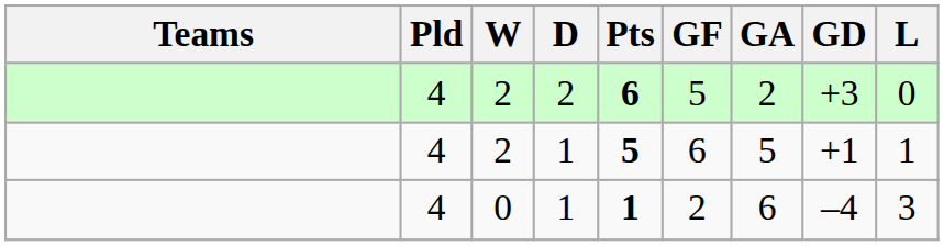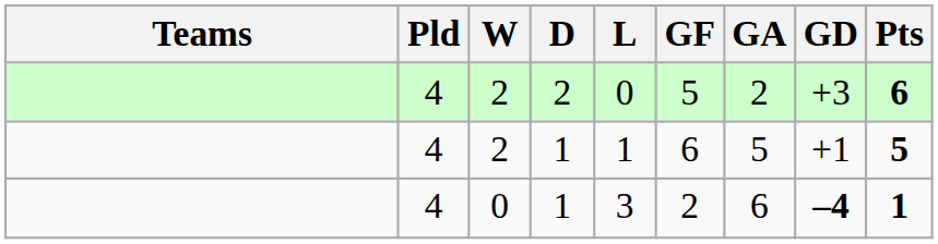 <table class="wikitable" style="text-align: center;">
 <tr>
 <th width=165>Teams</th>
 <th width=20>Pld</th>
 <th width=20>W</th>
 <th width=20>D</th>
-<th width=20>Pts</th>
+<th width=20>L</th>
 <th width=20>GF</th>
 <th width=20>GA</th>
 <th width=20>GD</th>
-<th width=20>L</th>
+<th width=20>Pts</th>
 </tr>
 <tr align=center style="background:#ccffcc;">
 <td style="text-align:left;"></td>
 <td>4</td>
 <td>2</td>
 <td>2</td>
-<td><strong>6</strong></td>
+<td>0</td>
 <td>5</td>
 <td>2</td>
 <td>+3</td>
-<td>0</td>
+<td><strong>6</strong></td>
 </tr>
 <tr align=center>
 <td style="text-align:left;"></td>
 <td>4</td>
 <td>2</td>
 <td>1</td>
-<td><strong>5</strong></td>
+<td>1</td>
 <td>6</td>
 <td>5</td>
 <td>+1</td>
-<td>1</td>
+<td><strong>5</strong></td>
 </tr>
 <tr align=center>
 <td style="text-align:left;"></td>
 <td>4</td>
 <td>0</td>
 <td>1</td>
-<td><strong>1</strong></td>
+<td>3</td>
 <td>2</td>
 <td>6</td>
-<td>–4</td>
-<td>3</td>
+<td><strong>–4</strong></td>
+<td><strong>1</strong></td>
 </tr>
 </table>
